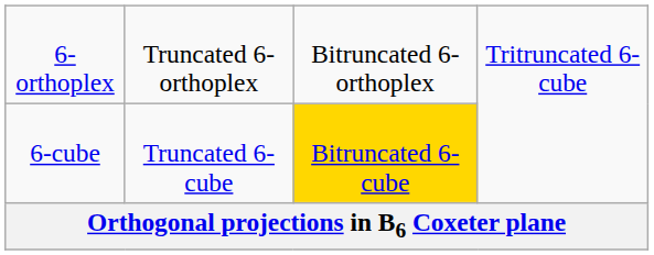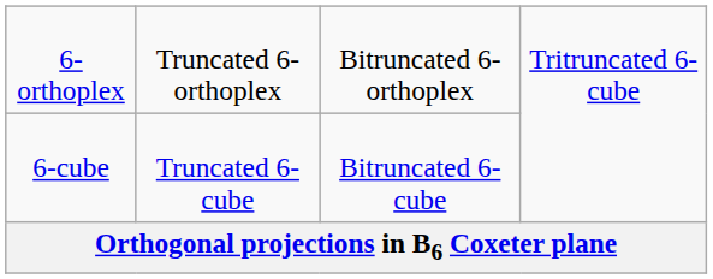 <table class=wikitable align=right width=400 style="margin-left:1em;">
 <tr align=center valign=top>
 <td><br><a href='#'>6-orthoplex</a><br></td>
 <td><br>Truncated 6-orthoplex<br></td>
 <td><br>Bitruncated 6-orthoplex<br></td>
 <td rowspan=2 valign=center><br><a href='#'>Tritruncated 6-cube</a><br></td>
 </tr>
 <tr align=center valign=top>
 <td><br><a href='#'>6-cube</a><br></td>
 <td><br><a href='#'>Truncated 6-cube</a><br></td>
-<td style="background: gold;"><br><a href='#'>Bitruncated 6-cube</a><br></td>
+<td><br><a href='#'>Bitruncated 6-cube</a><br></td>
 </tr>
 <tr>
 <th colspan=4><a href='#'>Orthogonal projections</a> in B<sub>6</sub> <a href='#'>Coxeter plane</a></th>
 </tr>
 </table>
